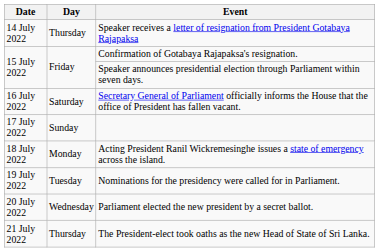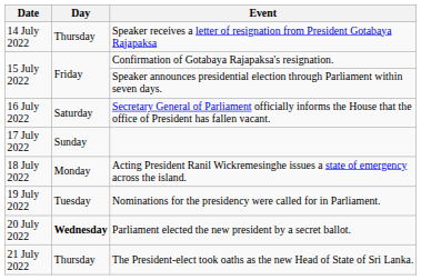 <table class="wikitable">
 <tr>
 <th>Date</th>
 <th>Day</th>
 <th>Event</th>
 </tr>
 <tr>
 <td>14 July 2022</td>
 <td>Thursday</td>
 <td>Speaker receives a <a href='#'>letter of resignation from President Gotabaya Rajapaksa</a></td>
 </tr>
 <tr>
 <td rowspan="2">15 July 2022</td>
 <td rowspan="2">Friday</td>
 <td>Confirmation of Gotabaya Rajapaksa's resignation.</td>
 </tr>
 <tr>
 <td>Speaker announces presidential election through Parliament within seven days.</td>
 </tr>
 <tr>
 <td>16 July 2022</td>
 <td>Saturday</td>
 <td><a href='#'>Secretary General of Parliament</a> officially informs the House that the office of President has fallen vacant.</td>
 </tr>
 <tr>
 <td>17 July 2022</td>
 <td>Sunday</td>
 <td></td>
 </tr>
 <tr>
 <td>18 July 2022</td>
 <td>Monday</td>
 <td>Acting President Ranil Wickremesinghe issues a <a href='#'>state of emergency</a> across the island.</td>
 </tr>
 <tr>
 <td>19 July 2022</td>
 <td>Tuesday</td>
 <td>Nominations for the presidency were called for in Parliament.</td>
 </tr>
 <tr>
 <td>20 July 2022</td>
-<td>Wednesday</td>
+<td><strong>Wednesday</strong></td>
 <td>Parliament elected the new president by a secret ballot.</td>
 </tr>
 <tr>
 <td>21 July 2022</td>
 <td>Thursday</td>
 <td>The President-elect took oaths as the new Head of State of Sri Lanka.</td>
 </tr>
 </table>
